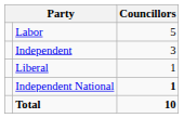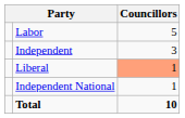 <table class="wikitable">
 <tr>
 <th colspan="2">Party</th>
 <th>Councillors</th>
 </tr>
 <tr>
 <td> </td>
 <td><a href='#'>Labor</a></td>
 <td align=right>5</td>
 </tr>
 <tr>
 <td> </td>
 <td><a href='#'>Independent</a></td>
 <td align=right>3</td>
 </tr>
 <tr>
 <td> </td>
 <td><a href='#'>Liberal</a></td>
-<td align=right>1</td>
+<td align=right style="background: lightsalmon;">1</td>
 </tr>
 <tr>
 <td> </td>
 <td><a href='#'>Independent National</a></td>
-<td align=right><strong>1</strong></td>
+<td align=right>1</td>
 </tr>
 <tr>
 <td></td>
 <td><strong>Total</strong></td>
 <td align=right><strong>10</strong></td>
 </tr>
 </table>
